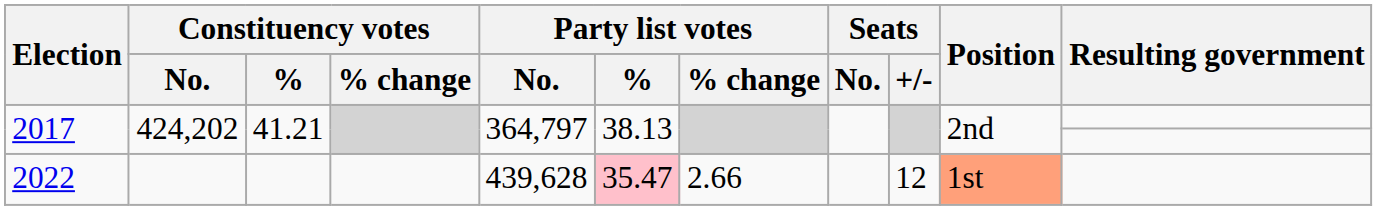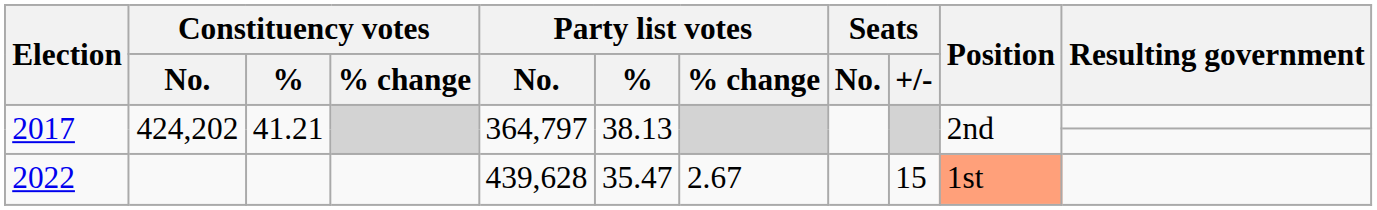 <table class="wikitable">
 <tr>
 <th rowspan="2" style="background-color:">Election</th>
 <th colspan="3" style="background-color:">Constituency votes</th>
 <th colspan="3" style="background-color:">Party list votes</th>
 <th colspan="2" style="background-color:">Seats</th>
 <th rowspan="2" style="background-color:">Position</th>
 <th rowspan="2" style="background-color:">Resulting government</th>
 </tr>
 <tr>
 <th style="background-color:">No.</th>
 <th style="background-color:">%</th>
 <th style="background-color:">% change</th>
 <th style="background-color:">No.</th>
 <th style="background-color:">%</th>
 <th style="background-color:">% change</th>
 <th style="background-color:">No.</th>
 <th style="background-color:">+/-</th>
 </tr>
 <tr>
 <td rowspan="2"><a href='#'>2017</a></td>
 <td rowspan="2">424,202</td>
 <td rowspan="2">41.21</td>
 <td rowspan="2" bgcolor="lightgrey"></td>
 <td rowspan="2">364,797</td>
 <td rowspan="2">38.13</td>
 <td rowspan="2" bgcolor="lightgrey"></td>
 <td rowspan="2"></td>
 <td rowspan="2" bgcolor="lightgrey"></td>
 <td rowspan="2">2nd</td>
 <td></td>
 </tr>
 <tr>
 <td></td>
 </tr>
 <tr>
 <td><a href='#'>2022</a></td>
 <td></td>
 <td></td>
 <td></td>
 <td>439,628</td>
-<td style="background: pink;">35.47</td>
-<td> 2.66</td>
+<td>35.47</td>
+<td> 2.67</td>
 <td></td>
-<td> 12</td>
+<td> 15</td>
 <td style="background: lightsalmon;"> 1st</td>
 <td></td>
 </tr>
 </table>
